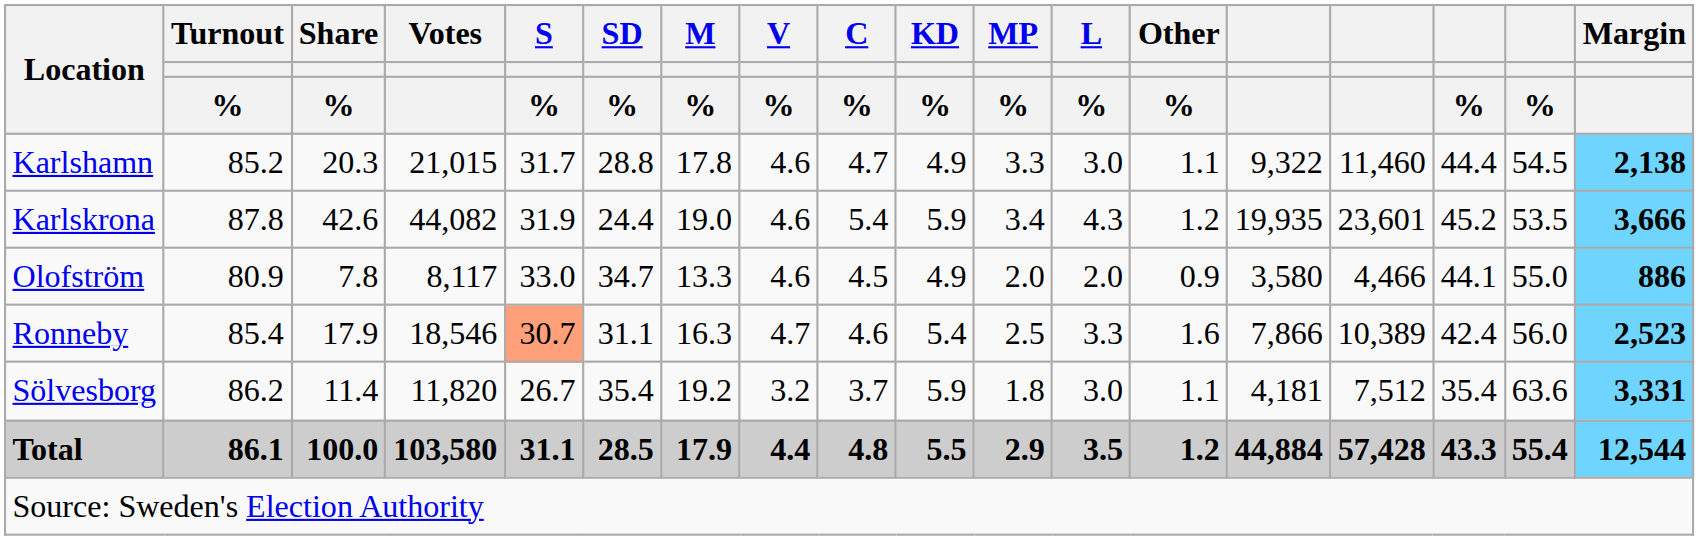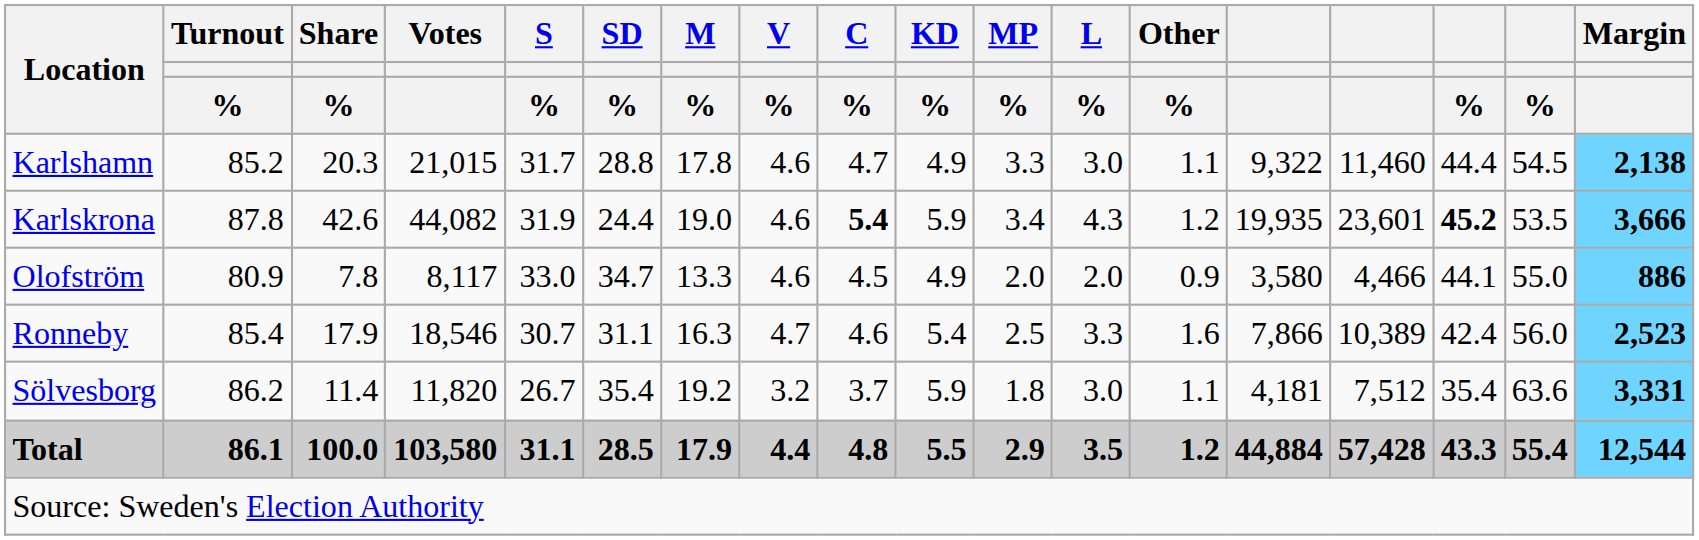 <table class="wikitable sortable" style="text-align:right; font-size:95%; line-height:20px;">
 <tr>
 <th rowspan="3">Location</th>
 <th>Turnout</th>
 <th>Share</th>
 <th>Votes</th>
 <th width="30px" class="unsortable"><a href='#'>S</a></th>
 <th width="30px" class="unsortable"><a href='#'>SD</a></th>
 <th width="30px" class="unsortable"><a href='#'>M</a></th>
 <th width="30px" class="unsortable"><a href='#'>V</a></th>
 <th width="30px" class="unsortable"><a href='#'>C</a></th>
 <th width="30px" class="unsortable"><a href='#'>KD</a></th>
 <th width="30px" class="unsortable"><a href='#'>MP</a></th>
 <th width="30px" class="unsortable"><a href='#'>L</a></th>
 <th width="30px" class="unsortable">Other</th>
 <th></th>
 <th></th>
 <th></th>
 <th></th>
 <th>Margin</th>
 </tr>
 <tr>
 <th></th>
 <th></th>
 <th></th>
 <th style="background:"></th>
 <th style="background:"></th>
 <th style="background:"></th>
 <th style="background:"></th>
 <th style="background:"></th>
 <th style="background:"></th>
 <th style="background:"></th>
 <th style="background:"></th>
 <th style="background:"></th>
 <th style="background:"></th>
 <th style="background:"></th>
 <th style="background:"></th>
 <th style="background:"></th>
 <th></th>
 </tr>
 <tr>
 <th data-sort-type="number">%</th>
 <th data-sort-type="number">%</th>
 <th></th>
 <th data-sort-type="number">%</th>
 <th data-sort-type="number">%</th>
 <th data-sort-type="number">%</th>
 <th data-sort-type="number">%</th>
 <th data-sort-type="number">%</th>
 <th data-sort-type="number">%</th>
 <th data-sort-type="number">%</th>
 <th data-sort-type="number">%</th>
 <th data-sort-type="number">%</th>
 <th data-sort-type="number"></th>
 <th data-sort-type="number"></th>
 <th data-sort-type="number">%</th>
 <th data-sort-type="number">%</th>
 <th data-sort-type="number"></th>
 </tr>
 <tr>
 <td align="left"><a href='#'>Karlshamn</a></td>
 <td>85.2</td>
 <td>20.3</td>
 <td>21,015</td>
 <td>31.7</td>
 <td>28.8</td>
 <td>17.8</td>
 <td>4.6</td>
 <td>4.7</td>
 <td>4.9</td>
 <td>3.3</td>
 <td>3.0</td>
 <td>1.1</td>
 <td>9,322</td>
 <td>11,460</td>
 <td>44.4</td>
 <td>54.5</td>
 <td bgcolor=#6fd5fe><strong>2,138</strong></td>
 </tr>
 <tr>
 <td align="left"><a href='#'>Karlskrona</a></td>
 <td>87.8</td>
 <td>42.6</td>
 <td>44,082</td>
 <td>31.9</td>
 <td>24.4</td>
 <td>19.0</td>
 <td>4.6</td>
-<td>5.4</td>
+<td><strong>5.4</strong></td>
 <td>5.9</td>
 <td>3.4</td>
 <td>4.3</td>
 <td>1.2</td>
 <td>19,935</td>
 <td>23,601</td>
-<td>45.2</td>
+<td><strong>45.2</strong></td>
 <td>53.5</td>
 <td bgcolor=#6fd5fe><strong>3,666</strong></td>
 </tr>
 <tr>
 <td align="left"><a href='#'>Olofström</a></td>
 <td>80.9</td>
 <td>7.8</td>
 <td>8,117</td>
 <td>33.0</td>
 <td>34.7</td>
 <td>13.3</td>
 <td>4.6</td>
 <td>4.5</td>
 <td>4.9</td>
 <td>2.0</td>
 <td>2.0</td>
 <td>0.9</td>
 <td>3,580</td>
 <td>4,466</td>
 <td>44.1</td>
 <td>55.0</td>
 <td bgcolor=#6fd5fe><strong>886</strong></td>
 </tr>
 <tr>
 <td align="left"><a href='#'>Ronneby</a></td>
 <td>85.4</td>
 <td>17.9</td>
 <td>18,546</td>
-<td style="background: lightsalmon;">30.7</td>
+<td>30.7</td>
 <td>31.1</td>
 <td>16.3</td>
 <td>4.7</td>
 <td>4.6</td>
 <td>5.4</td>
 <td>2.5</td>
 <td>3.3</td>
 <td>1.6</td>
 <td>7,866</td>
 <td>10,389</td>
 <td>42.4</td>
 <td>56.0</td>
 <td bgcolor=#6fd5fe><strong>2,523</strong></td>
 </tr>
 <tr>
 <td align="left"><a href='#'>Sölvesborg</a></td>
 <td>86.2</td>
 <td>11.4</td>
 <td>11,820</td>
 <td>26.7</td>
 <td>35.4</td>
 <td>19.2</td>
 <td>3.2</td>
 <td>3.7</td>
 <td>5.9</td>
 <td>1.8</td>
 <td>3.0</td>
 <td>1.1</td>
 <td>4,181</td>
 <td>7,512</td>
 <td>35.4</td>
 <td>63.6</td>
 <td bgcolor=#6fd5fe><strong>3,331</strong></td>
 </tr>
 <tr style="background:#CDCDCD;">
 <td align="left"><strong>Total</strong></td>
 <td><strong>86.1</strong></td>
 <td><strong>100.0</strong></td>
 <td><strong>103,580</strong></td>
 <td><strong>31.1</strong></td>
 <td><strong>28.5</strong></td>
 <td><strong>17.9</strong></td>
 <td><strong>4.4</strong></td>
 <td><strong>4.8</strong></td>
 <td><strong>5.5</strong></td>
 <td><strong>2.9</strong></td>
 <td><strong>3.5</strong></td>
 <td><strong>1.2</strong></td>
 <td><strong>44,884</strong></td>
 <td><strong>57,428</strong></td>
 <td><strong>43.3</strong></td>
 <td><strong>55.4</strong></td>
 <td bgcolor=#6fd5fe><strong>12,544</strong></td>
 </tr>
 <tr>
 <td colspan="18" align="left">Source: Sweden's <a href='#'>Election Authority</a></td>
 </tr>
 </table>
